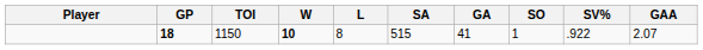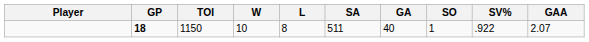 <table class="wikitable sortable">
 <tr>
 <th style="width:12em">Player</th>
 <th style="width:4em">GP</th>
 <th style="width:5em">TOI</th>
 <th style="width:4em">W</th>
 <th style="width:4em">L</th>
 <th style="width:5em">SA</th>
 <th style="width:4em">GA</th>
 <th style="width:4em">SO</th>
 <th style="width:5em">SV%</th>
 <th style="width:5em">GAA</th>
 </tr>
 <tr>
 <td></td>
 <td><strong>18</strong></td>
 <td>1150</td>
-<td><strong>10</strong></td>
+<td>10</td>
 <td>8</td>
-<td>515</td>
-<td>41</td>
+<td>511</td>
+<td>40</td>
 <td>1</td>
 <td>.922</td>
 <td>2.07</td>
 </tr>
 </table>
